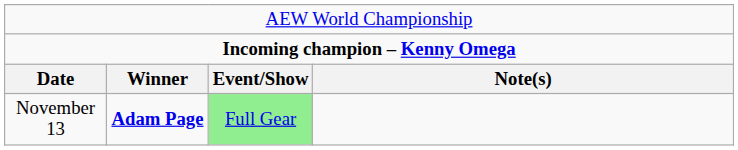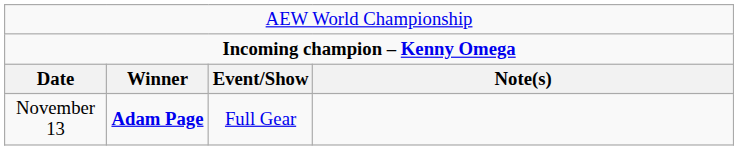 <table class="wikitable" style="text-align:center; width:100%;">
 <tr>
 <td colspan="4" style="text-align: center;"><a href='#'>AEW World Championship</a></td>
 </tr>
 <tr>
 <td colspan="4" style="text-align: center;"><strong>Incoming champion – <a href='#'>Kenny Omega</a></strong></td>
 </tr>
 <tr>
 <th width=14%>Date</th>
 <th width=14%>Winner</th>
 <th width=14%>Event/Show</th>
 <th width=58%>Note(s)</th>
 </tr>
 <tr>
 <td>November 13</td>
 <td><strong><a href='#'>Adam Page</a></strong></td>
-<td style="background: lightgreen;"><a href='#'>Full Gear</a></td>
+<td><a href='#'>Full Gear</a></td>
 <td></td>
 </tr>
 </table>
